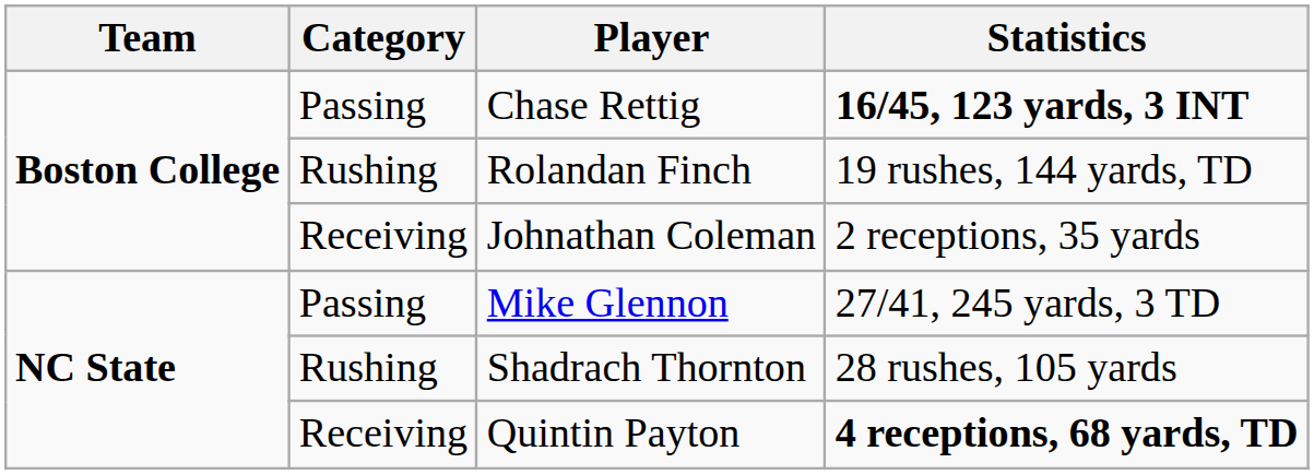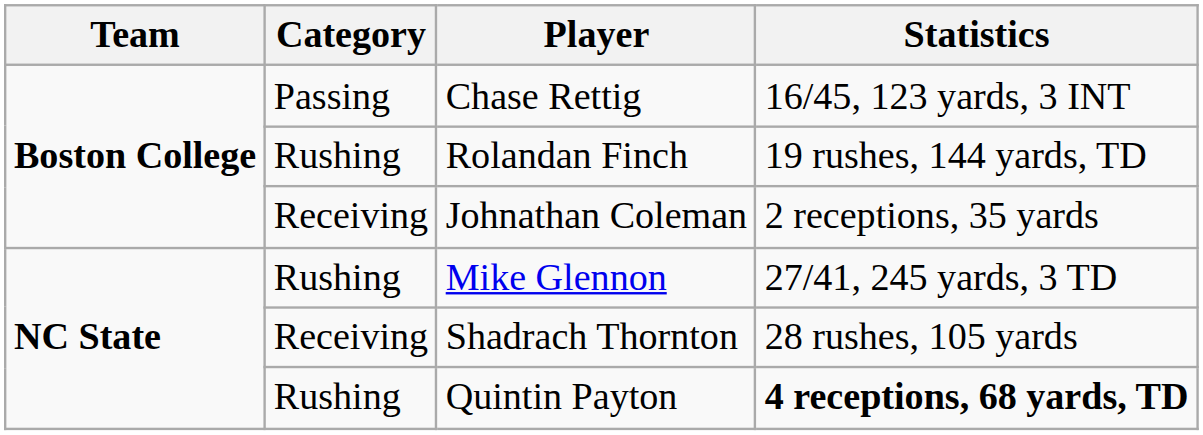 <table class="wikitable" style="float: left;">
 <tr>
 <th>Team</th>
 <th>Category</th>
 <th>Player</th>
 <th>Statistics</th>
 </tr>
 <tr>
 <td rowspan=3><strong>Boston College</strong></td>
 <td>Passing</td>
 <td>Chase Rettig</td>
-<td><strong>16/45, 123 yards, 3 INT</strong></td>
+<td>16/45, 123 yards, 3 INT</td>
 </tr>
 <tr>
 <td>Rushing</td>
 <td>Rolandan Finch</td>
 <td>19 rushes, 144 yards, TD</td>
 </tr>
 <tr>
 <td>Receiving</td>
 <td>Johnathan Coleman</td>
 <td>2 receptions, 35 yards</td>
 </tr>
 <tr>
 <td rowspan=3><strong>NC State</strong></td>
-<td>Passing</td>
+<td>Rushing</td>
 <td><a href='#'>Mike Glennon</a></td>
 <td>27/41, 245 yards, 3 TD</td>
 </tr>
 <tr>
-<td>Rushing</td>
+<td>Receiving</td>
 <td>Shadrach Thornton</td>
 <td>28 rushes, 105 yards</td>
 </tr>
 <tr>
-<td>Receiving</td>
+<td>Rushing</td>
 <td>Quintin Payton</td>
 <td><strong>4 receptions, 68 yards, TD</strong></td>
 </tr>
 </table>
